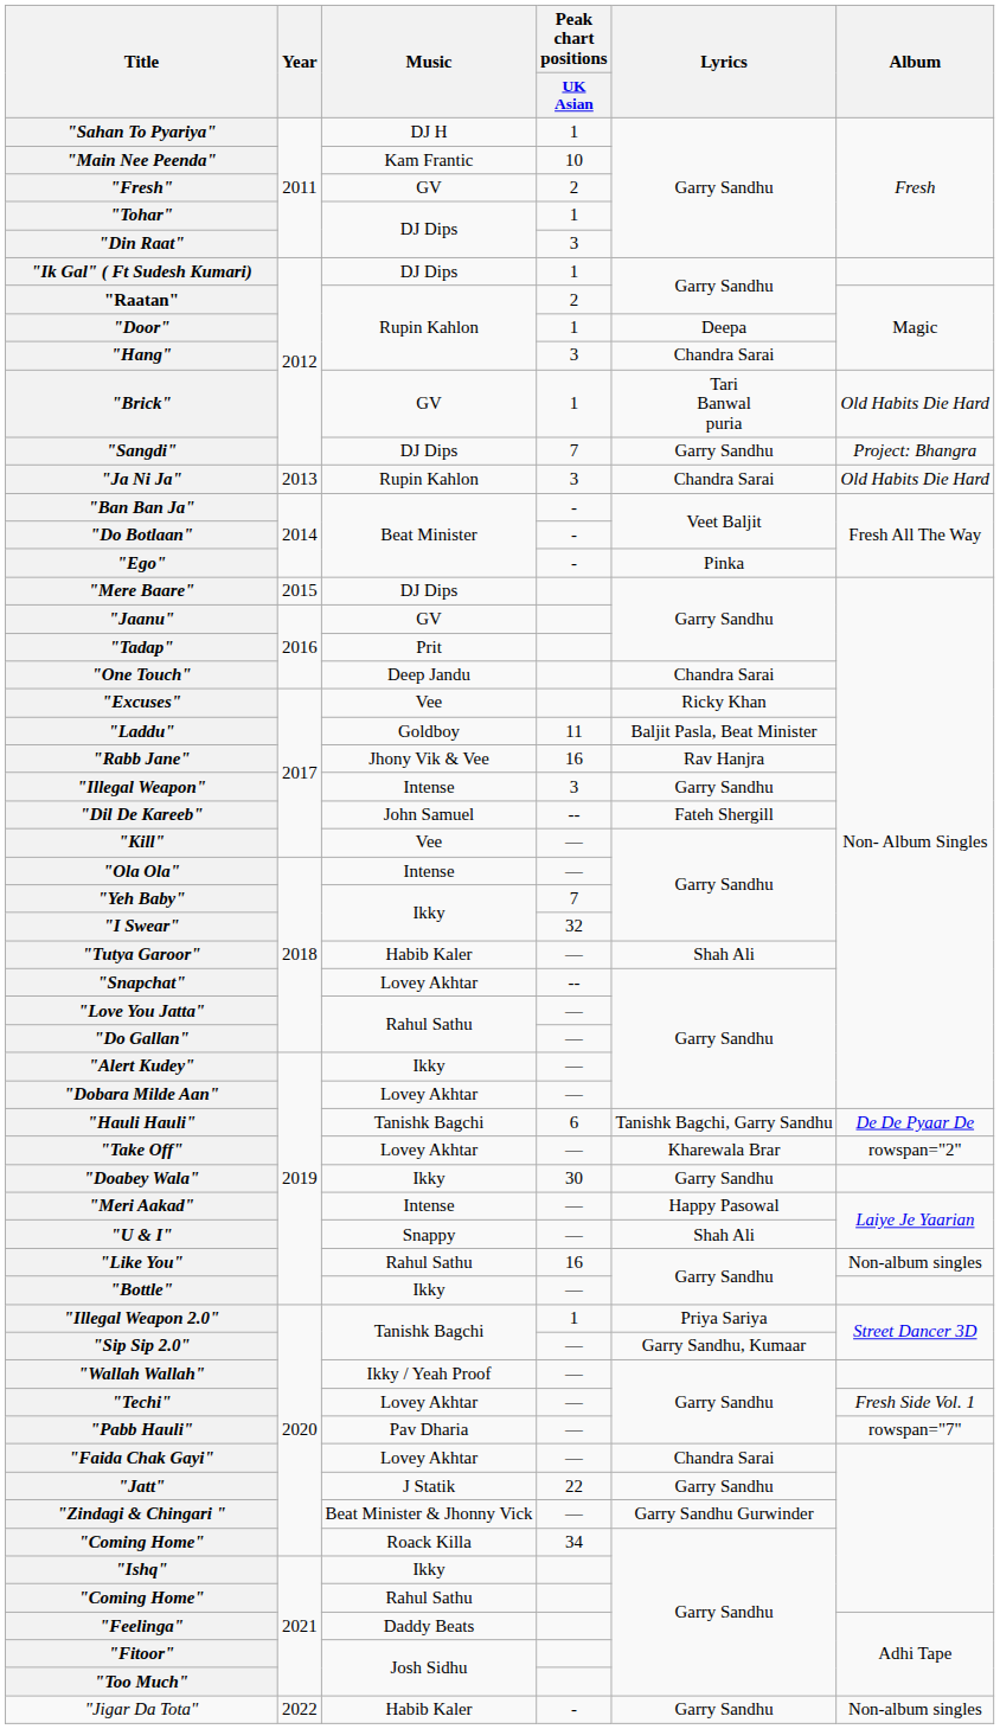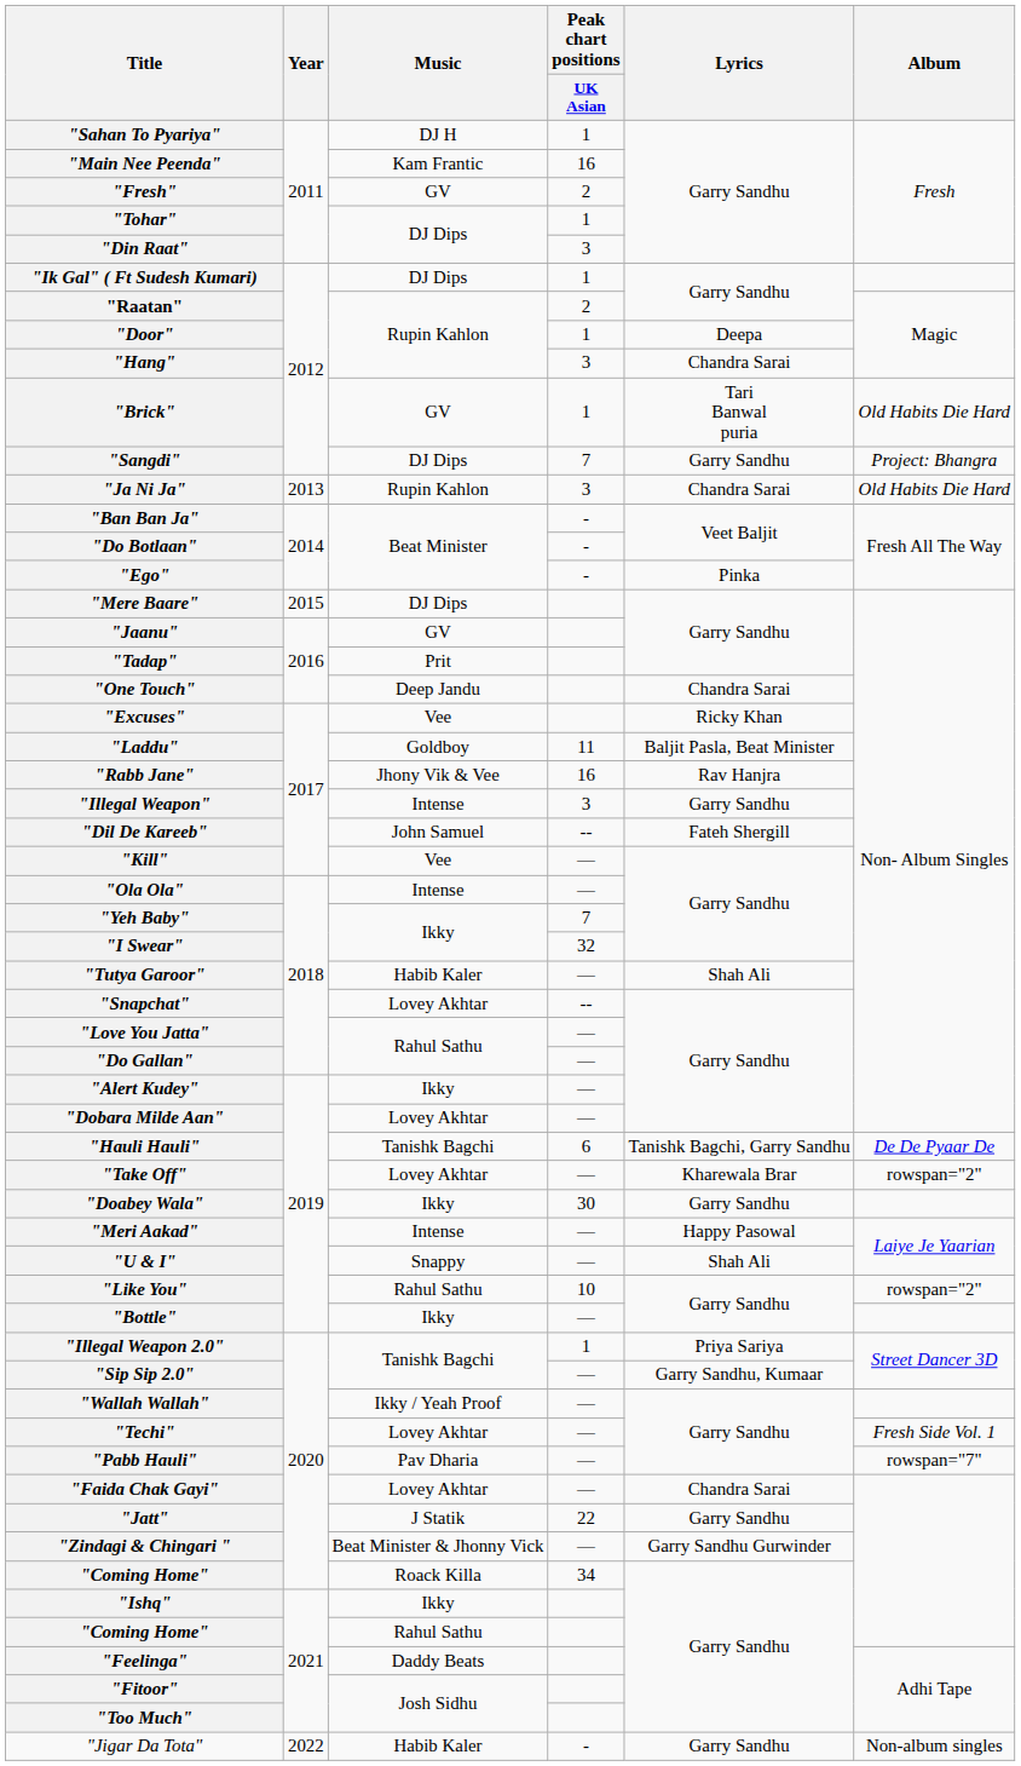 <table class="wikitable plainrowheaders" style="text-align:center;">
 <tr>
 <th rowspan="2" scope="col" style="width:15em;">Title</th>
 <th rowspan="2" scope="col">Year</th>
 <th rowspan="2">Music</th>
 <th>Peak chart positions</th>
 <th rowspan="2">Lyrics</th>
 <th rowspan="2" scope="col">Album</th>
 </tr>
 <tr>
 <th scope="col" style="width:2.5em;font-size:90%;"><a href='#'>UK<br>Asian</a><br></th>
 </tr>
 <tr>
 <th scope="row"><em>"Sahan To Pyariya"</em></th>
 <td rowspan="5">2011</td>
 <td>DJ H</td>
 <td>1</td>
 <td rowspan="5">Garry Sandhu</td>
 <td rowspan="5"><em>Fresh</em></td>
 </tr>
 <tr>
 <th scope="row"><em>"Main Nee Peenda"</em></th>
 <td>Kam Frantic</td>
-<td>10</td>
+<td>16</td>
 </tr>
 <tr>
 <th scope="row"><em>"Fresh"</em></th>
 <td>GV</td>
 <td>2</td>
 </tr>
 <tr>
 <th scope="row"><em>"Tohar"</em></th>
 <td rowspan="2">DJ Dips</td>
 <td>1</td>
 </tr>
 <tr>
 <th scope="row"><em>"Din Raat"</em></th>
 <td>3</td>
 </tr>
 <tr>
 <th scope="row"><em>"Ik Gal" ( Ft Sudesh Kumari)</em></th>
 <td rowspan="6">2012</td>
 <td>DJ Dips</td>
 <td>1</td>
 <td rowspan="2">Garry Sandhu</td>
 <td></td>
 </tr>
 <tr>
 <th scope="row">"Raatan"</th>
 <td rowspan="3">Rupin Kahlon</td>
 <td>2</td>
 <td rowspan="3">Magic</td>
 </tr>
 <tr>
 <th scope="row"><em>"Door"</em></th>
 <td>1</td>
 <td>Deepa</td>
 </tr>
 <tr>
 <th scope="row"><em>"Hang"</em></th>
 <td>3</td>
 <td>Chandra Sarai</td>
 </tr>
 <tr>
 <th scope="row"><em>"Brick"</em></th>
 <td>GV</td>
 <td>1</td>
 <td>Tari<br>Banwal<br>puria</td>
 <td><em>Old Habits Die Hard</em></td>
 </tr>
 <tr>
 <th scope="row"><em>"Sangdi"</em></th>
 <td>DJ Dips</td>
 <td>7</td>
 <td>Garry Sandhu</td>
 <td><em>Project: Bhangra</em></td>
 </tr>
 <tr>
 <th scope="row"><em>"Ja Ni Ja"</em></th>
 <td>2013</td>
 <td>Rupin Kahlon</td>
 <td>3</td>
 <td>Chandra Sarai</td>
 <td><em>Old Habits Die Hard</em></td>
 </tr>
 <tr>
 <th scope="row"><em>"Ban Ban Ja"</em></th>
 <td rowspan="3">2014</td>
 <td rowspan="3">Beat Minister</td>
 <td>-</td>
 <td rowspan="2">Veet Baljit</td>
 <td rowspan="3">Fresh All The Way</td>
 </tr>
 <tr>
 <th scope="row"><em>"Do Botlaan"</em></th>
 <td>-</td>
 </tr>
 <tr>
 <th scope="row"><em>"Ego"</em></th>
 <td>-</td>
 <td>Pinka</td>
 </tr>
 <tr>
 <th scope="row"><em>"Mere Baare"</em></th>
 <td>2015</td>
 <td>DJ Dips</td>
 <td></td>
 <td rowspan="3">Garry Sandhu</td>
 <td rowspan="19">Non- Album Singles</td>
 </tr>
 <tr>
 <th scope="row"><em>"Jaanu"</em></th>
 <td rowspan="3">2016</td>
 <td>GV</td>
 <td></td>
 </tr>
 <tr>
 <th scope="row"><em>"Tadap"</em></th>
 <td>Prit</td>
 <td></td>
 </tr>
 <tr>
 <th scope="row"><em>"One Touch"</em></th>
 <td>Deep Jandu</td>
 <td></td>
 <td>Chandra Sarai</td>
 </tr>
 <tr>
 <th scope="row"><em>"Excuses"</em></th>
 <td rowspan="6">2017</td>
 <td>Vee</td>
 <td></td>
 <td>Ricky Khan</td>
 </tr>
 <tr>
 <th scope="row"><em>"Laddu"</em></th>
 <td>Goldboy</td>
 <td>11</td>
 <td>Baljit Pasla, Beat Minister</td>
 </tr>
 <tr>
 <th scope="row"><em>"Rabb Jane"</em></th>
 <td>Jhony Vik & Vee</td>
 <td>16</td>
 <td>Rav Hanjra</td>
 </tr>
 <tr>
 <th scope="row"><em>"Illegal Weapon"</em></th>
 <td>Intense</td>
 <td>3</td>
 <td>Garry Sandhu</td>
 </tr>
 <tr>
 <th scope="row"><em>"Dil De Kareeb"</em></th>
 <td>John Samuel</td>
 <td>--</td>
 <td>Fateh Shergill</td>
 </tr>
 <tr>
 <th scope="row"><em>"Kill"</em></th>
 <td>Vee</td>
 <td>—</td>
 <td rowspan="4">Garry Sandhu</td>
 </tr>
 <tr>
 <th scope="row"><em>"Ola Ola"</em></th>
 <td rowspan="7">2018</td>
 <td>Intense</td>
 <td>—</td>
 </tr>
 <tr>
 <th scope="row"><em>"Yeh Baby"</em></th>
 <td rowspan="2">Ikky</td>
 <td>7</td>
 </tr>
 <tr>
 <th scope="row"><em>"I Swear"</em></th>
 <td>32</td>
 </tr>
 <tr>
 <th scope="row"><em>"Tutya Garoor"</em></th>
 <td>Habib Kaler</td>
 <td>—</td>
 <td>Shah Ali</td>
 </tr>
 <tr>
 <th scope="row"><em>"Snapchat"</em></th>
 <td>Lovey Akhtar</td>
 <td>--</td>
 <td rowspan="5">Garry Sandhu</td>
 </tr>
 <tr>
 <th scope="row"><em>"Love You Jatta"</em></th>
 <td rowspan="2">Rahul Sathu</td>
 <td>—</td>
 </tr>
 <tr>
 <th scope="row"><em>"Do Gallan"</em></th>
 <td>—</td>
 </tr>
 <tr>
 <th scope="row"><em>"Alert Kudey"</em></th>
 <td rowspan="9">2019</td>
 <td>Ikky</td>
 <td>—</td>
 </tr>
 <tr>
 <th scope="row"><em>"Dobara Milde Aan"</em></th>
 <td>Lovey Akhtar</td>
 <td>—</td>
 </tr>
 <tr>
 <th scope="row"><em>"Hauli Hauli"</em></th>
 <td>Tanishk Bagchi</td>
 <td>6</td>
 <td>Tanishk Bagchi,  Garry Sandhu</td>
 <td><em><a href='#'>De De Pyaar De</a></em></td>
 </tr>
 <tr>
 <th scope="row"><em>"Take Off"</em></th>
 <td>Lovey Akhtar</td>
 <td>—</td>
 <td>Kharewala Brar</td>
 <td>rowspan="2" </td>
 </tr>
 <tr>
 <th scope="row"><em>"Doabey Wala"</em></th>
 <td>Ikky</td>
 <td>30</td>
 <td>Garry Sandhu</td>
 </tr>
 <tr>
 <th scope="row"><em>"Meri Aakad"</em></th>
 <td>Intense</td>
 <td>—</td>
 <td>Happy Pasowal</td>
 <td rowspan="2"><em><a href='#'>Laiye Je Yaarian</a></em></td>
 </tr>
 <tr>
 <th scope="row"><em>"U & I"</em></th>
 <td>Snappy</td>
 <td>—</td>
 <td>Shah Ali</td>
 </tr>
 <tr>
 <th scope="row"><em>"Like You"</em></th>
 <td>Rahul Sathu</td>
-<td>16</td>
+<td>10</td>
 <td rowspan="2">Garry Sandhu</td>
-<td>Non-album singles</td>
+<td>rowspan="2" </td>
 </tr>
 <tr>
 <th scope="row"><em>"Bottle"</em></th>
 <td>Ikky</td>
 <td>—</td>
 </tr>
 <tr>
 <th scope="row"><em>"Illegal Weapon 2.0"</em></th>
 <td rowspan="9">2020</td>
 <td rowspan="2">Tanishk Bagchi</td>
 <td>1</td>
 <td>Priya Sariya</td>
 <td rowspan="2"><em><a href='#'>Street Dancer 3D</a></em></td>
 </tr>
 <tr>
 <th scope="row"><em>"Sip Sip 2.0"</em></th>
 <td>—</td>
 <td>Garry Sandhu, Kumaar</td>
 </tr>
 <tr>
 <th scope="row"><em>"Wallah Wallah"</em></th>
 <td>Ikky / Yeah Proof</td>
 <td>—</td>
 <td rowspan="3">Garry Sandhu</td>
 <td></td>
 </tr>
 <tr>
 <th scope="row"><em>"Techi"</em></th>
 <td>Lovey Akhtar</td>
 <td>—</td>
 <td><em>Fresh Side Vol. 1</em></td>
 </tr>
 <tr>
 <th scope="row"><em>"Pabb Hauli"</em></th>
 <td>Pav Dharia</td>
 <td>—</td>
 <td>rowspan="7" </td>
 </tr>
 <tr>
 <th scope="row"><em>"Faida Chak Gayi"</em></th>
 <td>Lovey Akhtar</td>
 <td>—</td>
 <td>Chandra Sarai</td>
 </tr>
 <tr>
 <th scope="row"><em>"Jatt"</em></th>
 <td>J Statik</td>
 <td>22</td>
 <td>Garry Sandhu</td>
 </tr>
 <tr>
 <th scope="row"><em>"Zindagi & Chingari "</em></th>
 <td>Beat Minister & Jhonny Vick</td>
 <td>—</td>
 <td>Garry Sandhu   Gurwinder</td>
 </tr>
 <tr>
 <th scope="row"><em>"Coming Home"</em></th>
 <td>Roack Killa</td>
 <td>34</td>
 <td rowspan="6">Garry Sandhu</td>
 </tr>
 <tr>
 <th scope="row"><em>"Ishq"</em></th>
 <td rowspan="5">2021</td>
 <td>Ikky</td>
 <td></td>
 </tr>
 <tr>
 <th scope="row"><em>"Coming Home"</em></th>
 <td>Rahul Sathu</td>
 <td></td>
 </tr>
 <tr>
 <th scope="row"><em>"Feelinga"</em></th>
 <td>Daddy Beats</td>
 <td></td>
 <td rowspan="3">Adhi Tape</td>
 </tr>
 <tr>
 <th scope="row"><em>"Fitoor"</em></th>
 <td rowspan="2">Josh Sidhu</td>
 <td></td>
 </tr>
 <tr>
 <th scope="row"><em>"Too Much"</em></th>
 <td></td>
 </tr>
 <tr>
 <td><em>"Jigar Da Tota"</em></td>
 <td>2022</td>
 <td>Habib Kaler</td>
 <td>-</td>
 <td>Garry Sandhu</td>
 <td>Non-album singles</td>
 </tr>
 </table>
